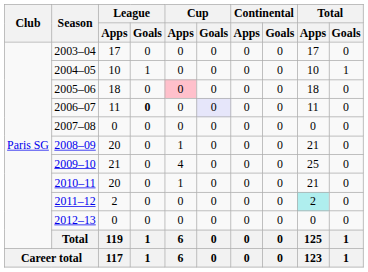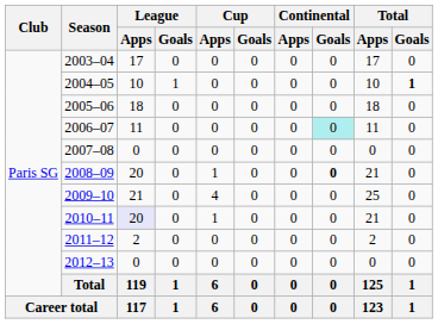 <table class="wikitable" style="text-align: center;">
 <tr>
 <th rowspan="2">Club</th>
 <th rowspan="2">Season</th>
 <th colspan="2">League</th>
 <th colspan="2">Cup</th>
 <th colspan="2">Continental</th>
 <th colspan="2">Total</th>
 </tr>
 <tr>
 <th>Apps</th>
 <th>Goals</th>
 <th>Apps</th>
 <th>Goals</th>
 <th>Apps</th>
 <th>Goals</th>
 <th>Apps</th>
 <th>Goals</th>
 </tr>
 <tr>
 <td rowspan="11" valign="center"><a href='#'>Paris SG</a></td>
 <td>2003–04</td>
 <td>17</td>
 <td>0</td>
 <td>0</td>
 <td>0</td>
 <td>0</td>
 <td>0</td>
 <td>17</td>
 <td>0</td>
 </tr>
 <tr>
 <td>2004–05</td>
 <td>10</td>
 <td>1</td>
 <td>0</td>
 <td>0</td>
 <td>0</td>
 <td>0</td>
 <td>10</td>
-<td>1</td>
+<td><strong>1</strong></td>
 </tr>
 <tr>
 <td>2005–06</td>
 <td>18</td>
 <td>0</td>
-<td style="background: pink;">0</td>
+<td>0</td>
 <td>0</td>
 <td>0</td>
 <td>0</td>
 <td>18</td>
 <td>0</td>
 </tr>
 <tr>
 <td>2006–07</td>
 <td>11</td>
-<td><strong>0</strong></td>
-<td>0</td>
-<td style="background: lavender;">0</td>
 <td>0</td>
 <td>0</td>
+<td>0</td>
+<td>0</td>
+<td style="background: paleturquoise;">0</td>
 <td>11</td>
 <td>0</td>
 </tr>
 <tr>
 <td>2007–08</td>
 <td>0</td>
 <td>0</td>
 <td>0</td>
 <td>0</td>
 <td>0</td>
 <td>0</td>
 <td>0</td>
 <td>0</td>
 </tr>
 <tr>
 <td><a href='#'>2008–09</a></td>
 <td>20</td>
 <td>0</td>
 <td>1</td>
 <td>0</td>
 <td>0</td>
-<td>0</td>
+<td><strong>0</strong></td>
 <td>21</td>
 <td>0</td>
 </tr>
 <tr>
 <td><a href='#'>2009–10</a></td>
 <td>21</td>
 <td>0</td>
 <td>4</td>
 <td>0</td>
 <td>0</td>
 <td>0</td>
 <td>25</td>
 <td>0</td>
 </tr>
 <tr>
 <td><a href='#'>2010–11</a></td>
-<td>20</td>
+<td style="background: lavender;">20</td>
 <td>0</td>
 <td>1</td>
 <td>0</td>
 <td>0</td>
 <td>0</td>
 <td>21</td>
 <td>0</td>
 </tr>
 <tr>
 <td><a href='#'>2011–12</a></td>
 <td>2</td>
 <td>0</td>
 <td>0</td>
 <td>0</td>
 <td>0</td>
 <td>0</td>
-<td style="background: paleturquoise;">2</td>
+<td>2</td>
 <td>0</td>
 </tr>
 <tr>
 <td><a href='#'>2012–13</a></td>
 <td>0</td>
 <td>0</td>
 <td>0</td>
 <td>0</td>
 <td>0</td>
 <td>0</td>
 <td>0</td>
 <td>0</td>
 </tr>
 <tr>
 <th>Total</th>
 <th>119</th>
 <th>1</th>
 <th>6</th>
 <th>0</th>
 <th>0</th>
 <th>0</th>
 <th>125</th>
 <th>1</th>
 </tr>
 <tr>
 <th colspan="2">Career total</th>
 <th>117</th>
 <th>1</th>
 <th>6</th>
 <th>0</th>
 <th>0</th>
 <th>0</th>
 <th>123</th>
 <th>1</th>
 </tr>
 </table>
